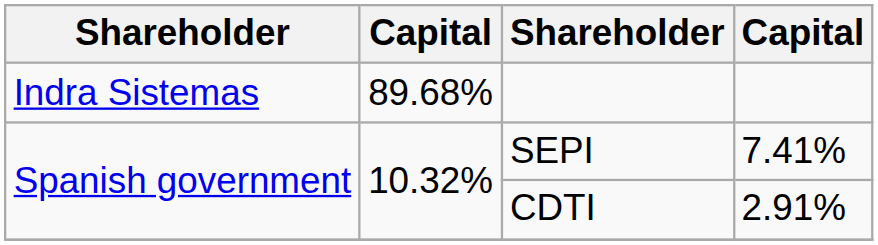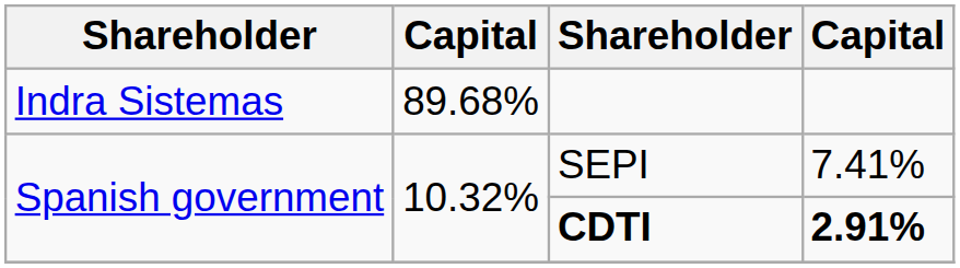 <table class="wikitable">
 <tr>
 <th>Shareholder</th>
 <th>Capital</th>
 <th>Shareholder</th>
 <th>Capital</th>
 </tr>
 <tr>
 <td><a href='#'>Indra Sistemas</a></td>
 <td>89.68%</td>
 <td></td>
 <td></td>
 </tr>
 <tr>
 <td rowspan="2"><a href='#'>Spanish government</a></td>
 <td rowspan="2">10.32%</td>
 <td>SEPI</td>
 <td>7.41%</td>
 </tr>
 <tr>
-<td>CDTI</td>
-<td>2.91%</td>
+<td><strong>CDTI</strong></td>
+<td><strong>2.91%</strong></td>
 </tr>
 <tr>
 </tr>
 </table>
